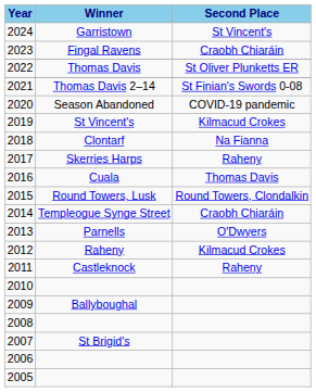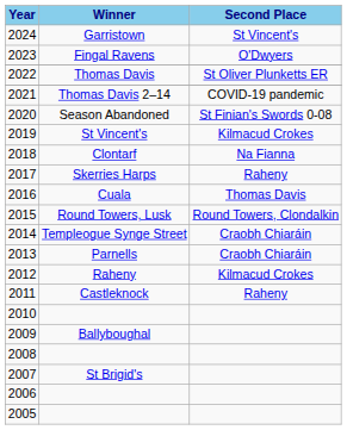 <table class="wikitable" style="text-align:center;">
 <tr>
 <th style="background:skyblue;color:navy;">Year</th>
 <th style="background:skyblue;color:navy;">Winner</th>
 <th style="background:skyblue;color:navy;">Second Place</th>
 </tr>
 <tr>
 <td>2024</td>
 <td><a href='#'>Garristown</a></td>
 <td><a href='#'>St Vincent's</a></td>
 </tr>
 <tr>
 <td>2023</td>
 <td><a href='#'>Fingal Ravens</a></td>
-<td><a href='#'>Craobh Chiaráin</a></td>
+<td><a href='#'>O'Dwyers</a></td>
 </tr>
 <tr>
 </tr>
 <tr>
 <td>2022</td>
 <td><a href='#'>Thomas Davis</a></td>
 <td><a href='#'>St Oliver Plunketts ER</a></td>
 </tr>
 <tr>
 </tr>
 <tr>
 <td>2021</td>
 <td><a href='#'>Thomas Davis</a> 2–14</td>
-<td><a href='#'>St Finian's Swords</a> 0-08</td>
+<td>COVID-19 pandemic</td>
 </tr>
 <tr>
 <td>2020</td>
 <td>Season Abandoned</td>
-<td>COVID-19 pandemic</td>
+<td><a href='#'>St Finian's Swords</a> 0-08</td>
 </tr>
 <tr>
 <td>2019</td>
 <td><a href='#'>St Vincent's</a></td>
 <td><a href='#'>Kilmacud Crokes</a></td>
 </tr>
 <tr>
 <td>2018</td>
 <td><a href='#'>Clontarf</a></td>
 <td><a href='#'>Na Fianna</a></td>
 </tr>
 <tr>
 <td>2017</td>
 <td><a href='#'>Skerries Harps</a></td>
 <td><a href='#'>Raheny</a></td>
 </tr>
 <tr>
 <td>2016</td>
 <td><a href='#'>Cuala</a></td>
 <td><a href='#'>Thomas Davis</a></td>
 </tr>
 <tr>
 <td>2015</td>
 <td><a href='#'>Round Towers, Lusk</a></td>
 <td><a href='#'>Round Towers, Clondalkin</a></td>
 </tr>
 <tr>
 <td>2014</td>
 <td><a href='#'>Templeogue Synge Street</a></td>
 <td><a href='#'>Craobh Chiaráin</a></td>
 </tr>
 <tr>
 <td>2013</td>
 <td><a href='#'>Parnells</a></td>
-<td><a href='#'>O'Dwyers</a></td>
+<td><a href='#'>Craobh Chiaráin</a></td>
 </tr>
 <tr>
 <td>2012</td>
 <td><a href='#'>Raheny</a></td>
 <td><a href='#'>Kilmacud Crokes</a></td>
 </tr>
 <tr>
 <td>2011</td>
 <td><a href='#'>Castleknock</a></td>
 <td><a href='#'>Raheny</a></td>
 </tr>
 <tr>
 <td>2010</td>
 <td></td>
 <td></td>
 </tr>
 <tr>
 <td>2009</td>
 <td><a href='#'>Ballyboughal</a></td>
 <td></td>
 </tr>
 <tr>
 <td>2008</td>
 <td></td>
 <td></td>
 </tr>
 <tr>
 <td>2007</td>
 <td><a href='#'>St Brigid's</a></td>
 <td></td>
 </tr>
 <tr>
 <td>2006</td>
 <td></td>
 <td></td>
 </tr>
 <tr>
 <td>2005</td>
 <td></td>
 <td></td>
 </tr>
 </table>
